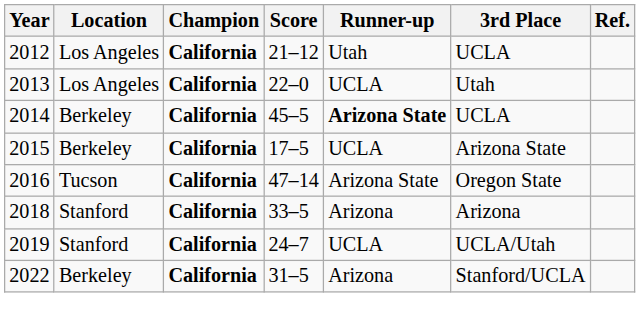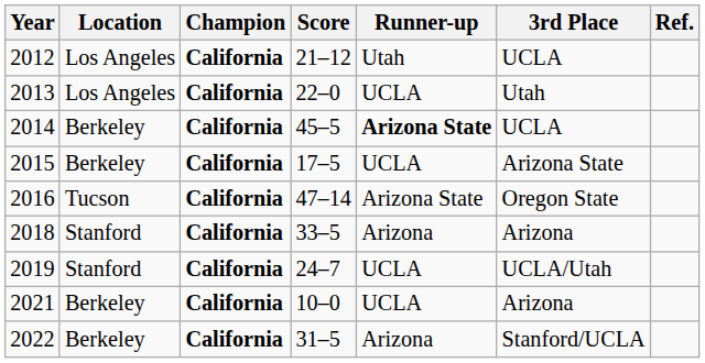 <table class="wikitable sortable">
 <tr>
 <th>Year</th>
 <th>Location</th>
 <th>Champion</th>
 <th>Score</th>
 <th>Runner-up</th>
 <th>3rd Place</th>
 <th>Ref.</th>
 </tr>
 <tr>
 <td>2012</td>
 <td>Los Angeles</td>
 <td><strong>California</strong></td>
 <td>21–12</td>
 <td>Utah</td>
 <td>UCLA</td>
 <td></td>
 </tr>
 <tr>
 <td>2013</td>
 <td>Los Angeles</td>
 <td><strong>California</strong></td>
 <td>22–0</td>
 <td>UCLA</td>
 <td>Utah</td>
 <td></td>
 </tr>
 <tr>
 <td>2014</td>
 <td>Berkeley</td>
 <td><strong>California</strong></td>
 <td>45–5</td>
 <td><strong>Arizona State</strong></td>
 <td>UCLA</td>
 <td></td>
 </tr>
 <tr>
 <td>2015</td>
 <td>Berkeley</td>
 <td><strong>California</strong></td>
 <td>17–5</td>
 <td>UCLA</td>
 <td>Arizona State</td>
 <td></td>
 </tr>
 <tr>
 <td>2016</td>
 <td>Tucson</td>
 <td><strong>California</strong></td>
 <td>47–14</td>
 <td>Arizona State</td>
 <td>Oregon State</td>
 <td></td>
 </tr>
 <tr>
 <td>2018</td>
 <td>Stanford</td>
 <td><strong>California</strong></td>
 <td>33–5</td>
 <td>Arizona</td>
 <td>Arizona</td>
 <td></td>
 </tr>
 <tr>
 <td>2019</td>
 <td>Stanford</td>
 <td><strong>California</strong></td>
 <td>24–7</td>
 <td>UCLA</td>
 <td>UCLA/Utah</td>
 <td></td>
 </tr>
 <tr>
+<td>2021</td>
+<td>Berkeley</td>
+<td><strong>California</strong></td>
+<td>10–0</td>
+<td>UCLA</td>
+<td>Arizona</td>
+<td></td>
+</tr>
+<tr>
 <td>2022</td>
 <td>Berkeley</td>
 <td><strong>California</strong></td>
 <td>31–5</td>
 <td>Arizona</td>
 <td>Stanford/UCLA</td>
 <td></td>
 </tr>
 </table>
